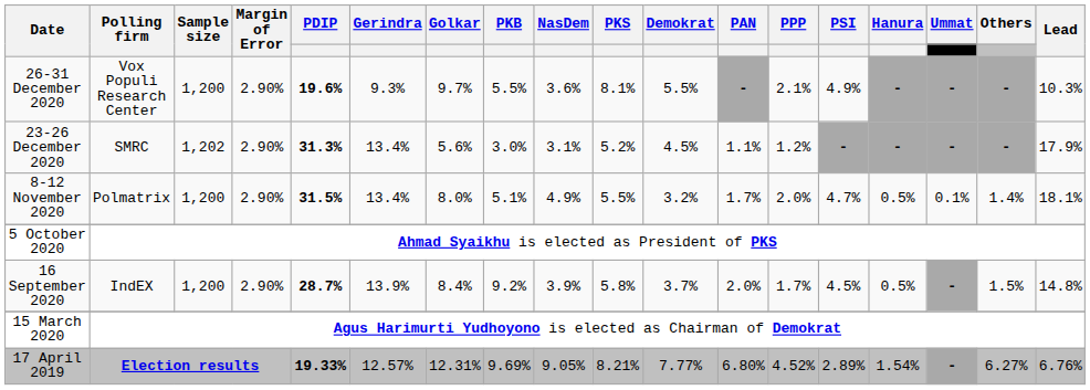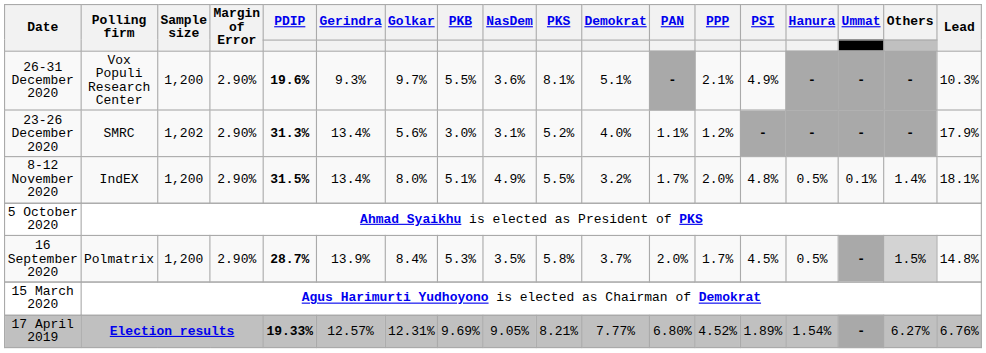 <table class="wikitable sortable" style="text-align:center;font-size:90%;line-height:12px">
 <tr>
 <th rowspan="2">Date</th>
 <th rowspan="2">Polling firm</th>
 <th rowspan="2">Sample size</th>
 <th rowspan="2">Margin of Error</th>
 <th><a href='#'>PDIP</a></th>
 <th><a href='#'>Gerindra</a></th>
 <th><a href='#'>Golkar</a></th>
 <th><a href='#'>PKB</a></th>
 <th><a href='#'>NasDem</a></th>
 <th><a href='#'>PKS</a></th>
 <th><a href='#'>Demokrat</a></th>
 <th><a href='#'>PAN</a></th>
 <th><a href='#'>PPP</a></th>
 <th><a href='#'>PSI</a></th>
 <th><a href='#'>Hanura</a></th>
 <th><a href='#'>Ummat</a></th>
 <th>Others</th>
 <th style="width:40px;" rowspan="2">Lead</th>
 </tr>
 <tr>
 <th style="background:"></th>
 <th style="background:"></th>
 <th style="background:"></th>
 <th style="background:"></th>
 <th style="background:"></th>
 <th style="background:"></th>
 <th style="background:"></th>
 <th style="background:"></th>
 <th style="background:"></th>
 <th style="background:"></th>
 <th style="background:"></th>
 <th style="background:#000000"></th>
 <th style="background:#C0C0C0"></th>
 </tr>
 <tr>
 <td data-sort-value="6-1-2021">26-31 December 2020</td>
 <td>Vox Populi<br>Research Center</td>
 <td>1,200</td>
 <td>2.90%</td>
 <td style="background-color:#"><strong>19.6%</strong></td>
 <td>9.3%</td>
 <td>9.7%</td>
 <td>5.5%</td>
 <td>3.6%</td>
 <td>8.1%</td>
-<td>5.5%</td>
+<td>5.1%</td>
 <td style="background:#A9A9A9"><strong>-</strong></td>
 <td>2.1%</td>
 <td>4.9%</td>
 <td style="background:#A9A9A9"><strong>-</strong></td>
 <td style="background:#A9A9A9"><strong>-</strong></td>
 <td style="background:#A9A9A9"><strong>-</strong></td>
 <td style="background:">10.3%</td>
 </tr>
 <tr>
 <td data-sort-value="29-12-2020">23-26 December 2020</td>
 <td>SMRC</td>
 <td>1,202</td>
 <td>2.90%</td>
 <td style="background-color:#"><strong>31.3%</strong></td>
 <td>13.4%</td>
 <td>5.6%</td>
 <td>3.0%</td>
 <td>3.1%</td>
 <td>5.2%</td>
-<td>4.5%</td>
+<td>4.0%</td>
 <td>1.1%</td>
 <td>1.2%</td>
 <td style="background:#A9A9A9"><strong>-</strong></td>
 <td style="background:#A9A9A9"><strong>-</strong></td>
 <td style="background:#A9A9A9"><strong>-</strong></td>
 <td style="background:#A9A9A9"><strong>-</strong></td>
 <td style="background:">17.9%</td>
 </tr>
 <tr>
 <td data-sort-value="16-11-2020">8-12 November 2020</td>
-<td>Polmatrix</td>
+<td>IndEX</td>
 <td>1,200</td>
 <td>2.90%</td>
 <td style="background-color:#"><strong>31.5%</strong></td>
 <td>13.4%</td>
 <td>8.0%</td>
 <td>5.1%</td>
 <td>4.9%</td>
 <td>5.5%</td>
 <td>3.2%</td>
 <td>1.7%</td>
 <td>2.0%</td>
-<td>4.7%</td>
+<td>4.8%</td>
 <td>0.5%</td>
 <td>0.1%</td>
 <td>1.4%</td>
 <td style="background:">18.1%</td>
 </tr>
 <tr>
 </tr>
 <tr style=background:white>
 <td data-sort-value=5-10-2020>5 October 2020</td>
 <td colspan=17><strong><a href='#'>Ahmad Syaikhu</a></strong> is elected as President of <strong><a href='#'>PKS</a></strong></td>
 </tr>
 <tr>
 <td data-sort-value="16-9-2020">16 September 2020</td>
-<td>IndEX</td>
+<td>Polmatrix</td>
 <td>1,200</td>
 <td>2.90%</td>
 <td style="background-color:#"><strong>28.7%</strong></td>
 <td>13.9%</td>
 <td>8.4%</td>
-<td>9.2%</td>
-<td>3.9%</td>
+<td>5.3%</td>
+<td>3.5%</td>
 <td>5.8%</td>
 <td>3.7%</td>
 <td>2.0%</td>
 <td>1.7%</td>
 <td>4.5%</td>
 <td>0.5%</td>
 <td style="background:#A9A9A9"><strong>-</strong></td>
-<td>1.5%</td>
+<td style="background: lightgrey;">1.5%</td>
 <td style="background:">14.8%</td>
 </tr>
 <tr>
 </tr>
 <tr style=background:white>
 <td data-sort-value=15-3-2020>15 March 2020</td>
 <td colspan=17><strong><a href='#'>Agus Harimurti Yudhoyono</a></strong> is elected as Chairman of <strong><a href='#'>Demokrat</a></strong></td>
 </tr>
 <tr>
 </tr>
 <tr style=background:silver>
 <td data-sort-value=17-4-2019>17 April 2019</td>
 <td colspan=3><strong><a href='#'>Election results</a></strong></td>
 <td style="background-color:#"><strong>19.33%</strong></td>
 <td>12.57%</td>
 <td>12.31%</td>
 <td>9.69%</td>
 <td>9.05%</td>
 <td>8.21%</td>
 <td>7.77%	</td>
 <td>6.80%</td>
 <td>4.52%</td>
-<td>2.89%	</td>
+<td>1.89%	</td>
 <td>1.54%	</td>
 <td style="background:#A9A9A9"><strong>-</strong></td>
 <td>6.27%</td>
 <td style="background:">6.76%</td>
 </tr>
 </table>
